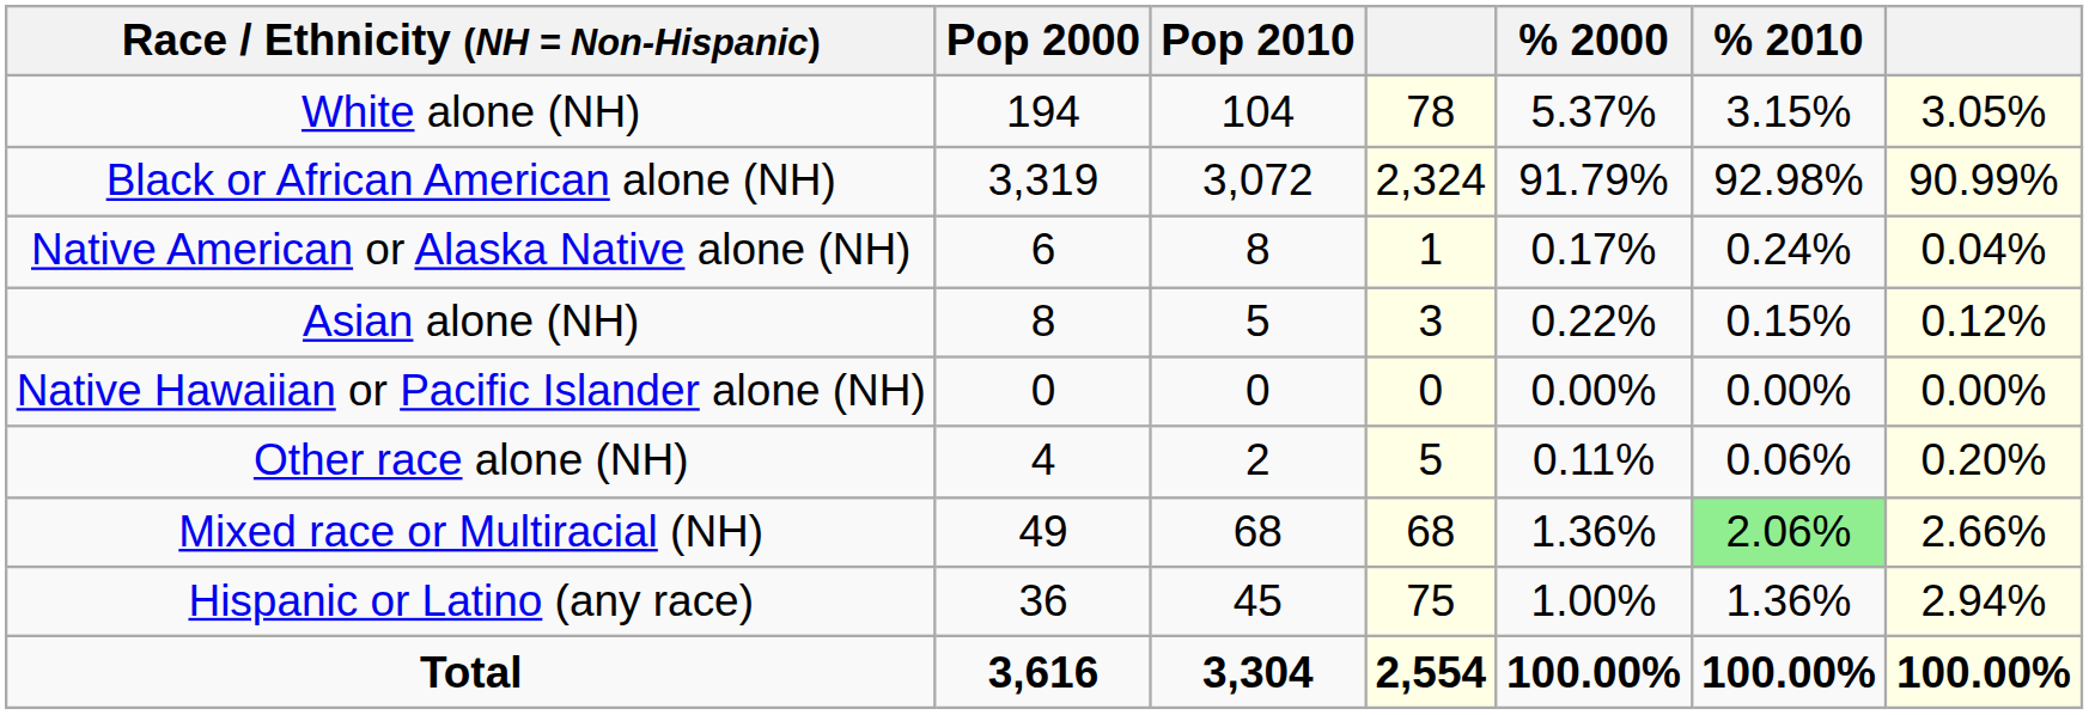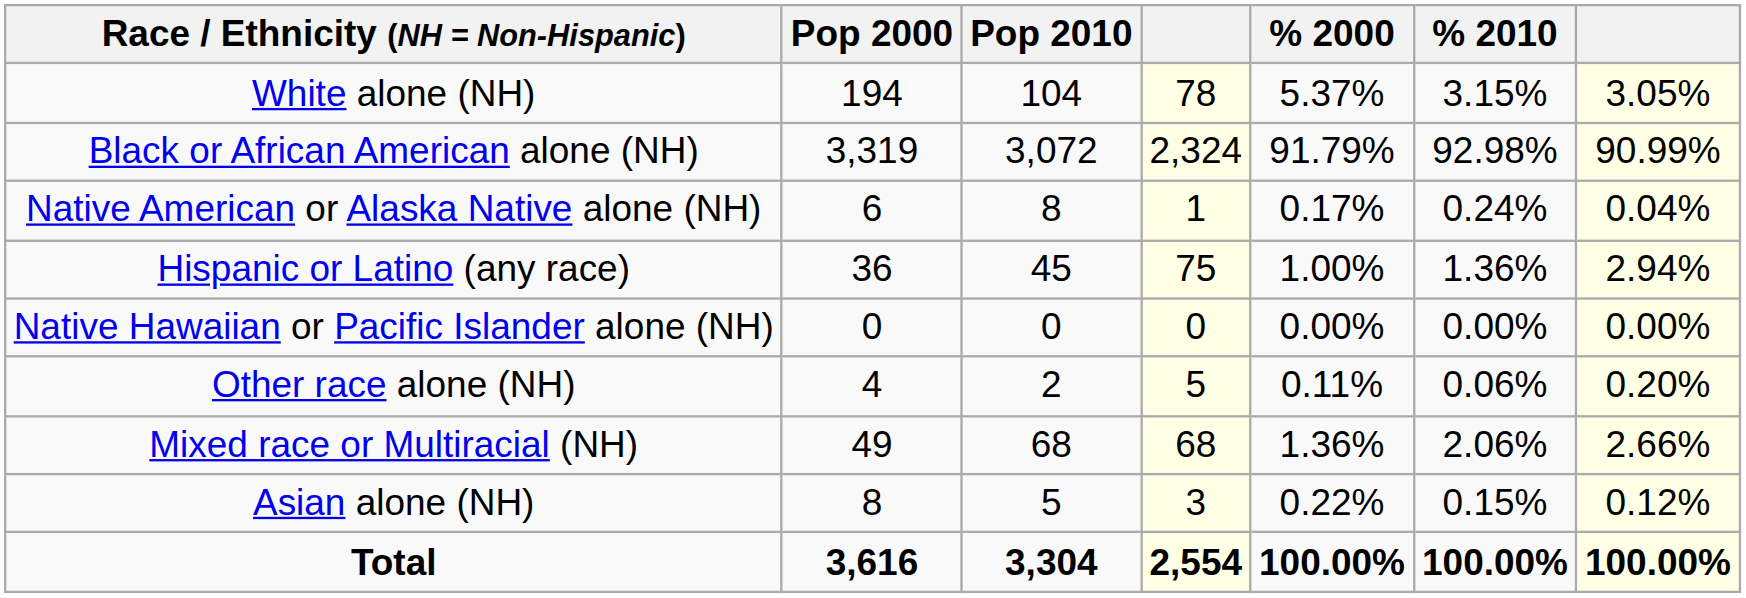 <table class="wikitable" style="text-align:center;">
 <tr>
 <th>Race / Ethnicity <small>(<em>NH = Non-Hispanic</em>)</small></th>
 <th>Pop 2000</th>
 <th>Pop 2010</th>
 <th></th>
 <th>% 2000</th>
 <th>% 2010</th>
 <th></th>
 </tr>
 <tr>
 <td><a href='#'>White</a> alone (NH)</td>
 <td>194</td>
 <td>104</td>
 <td style='background: #ffffe6;'>78</td>
 <td>5.37%</td>
 <td>3.15%</td>
 <td style='background: #ffffe6;'>3.05%</td>
 </tr>
 <tr>
 <td><a href='#'>Black or African American</a> alone (NH)</td>
 <td>3,319</td>
 <td>3,072</td>
 <td style='background: #ffffe6;'>2,324</td>
 <td>91.79%</td>
 <td>92.98%</td>
 <td style='background: #ffffe6;'>90.99%</td>
 </tr>
 <tr>
 <td><a href='#'>Native American</a> or <a href='#'>Alaska Native</a> alone (NH)</td>
 <td>6</td>
 <td>8</td>
 <td style='background: #ffffe6;'>1</td>
 <td>0.17%</td>
 <td>0.24%</td>
 <td style='background: #ffffe6;'>0.04%</td>
 </tr>
 <tr>
-<td><a href='#'>Asian</a> alone (NH)</td>
-<td>8</td>
-<td>5</td>
-<td style='background: #ffffe6;'>3</td>
-<td>0.22%</td>
-<td>0.15%</td>
-<td style='background: #ffffe6;'>0.12%</td>
+<td><a href='#'>Hispanic or Latino</a> (any race)</td>
+<td>36</td>
+<td>45</td>
+<td style='background: #ffffe6;'>75</td>
+<td>1.00%</td>
+<td>1.36%</td>
+<td style='background: #ffffe6;'>2.94%</td>
 </tr>
 <tr>
 <td><a href='#'>Native Hawaiian</a> or <a href='#'>Pacific Islander</a> alone (NH)</td>
 <td>0</td>
 <td>0</td>
 <td style='background: #ffffe6;'>0</td>
 <td>0.00%</td>
 <td>0.00%</td>
 <td style='background: #ffffe6;'>0.00%</td>
 </tr>
 <tr>
 <td><a href='#'>Other race</a> alone (NH)</td>
 <td>4</td>
 <td>2</td>
 <td style='background: #ffffe6;'>5</td>
 <td>0.11%</td>
 <td>0.06%</td>
 <td style='background: #ffffe6;'>0.20%</td>
 </tr>
 <tr>
 <td><a href='#'>Mixed race or Multiracial</a> (NH)</td>
 <td>49</td>
 <td>68</td>
 <td style='background: #ffffe6;'>68</td>
 <td>1.36%</td>
-<td style="background: lightgreen;">2.06%</td>
+<td>2.06%</td>
 <td style='background: #ffffe6;'>2.66%</td>
 </tr>
 <tr>
-<td><a href='#'>Hispanic or Latino</a> (any race)</td>
-<td>36</td>
-<td>45</td>
-<td style='background: #ffffe6;'>75</td>
-<td>1.00%</td>
-<td>1.36%</td>
-<td style='background: #ffffe6;'>2.94%</td>
+<td><a href='#'>Asian</a> alone (NH)</td>
+<td>8</td>
+<td>5</td>
+<td style='background: #ffffe6;'>3</td>
+<td>0.22%</td>
+<td>0.15%</td>
+<td style='background: #ffffe6;'>0.12%</td>
 </tr>
 <tr>
 <td><strong>Total</strong></td>
 <td><strong>3,616</strong></td>
 <td><strong>3,304</strong></td>
 <td style='background: #ffffe6;'><strong>2,554</strong></td>
 <td><strong>100.00%</strong></td>
 <td><strong>100.00%</strong></td>
 <td style='background: #ffffe6;'><strong>100.00%</strong></td>
 </tr>
 </table>
